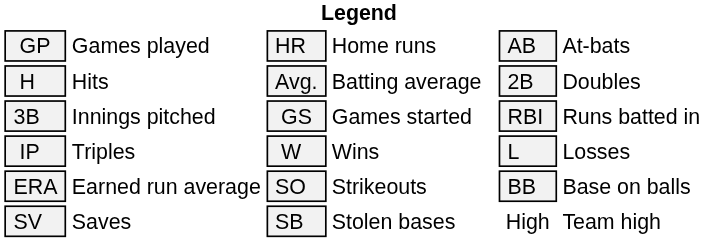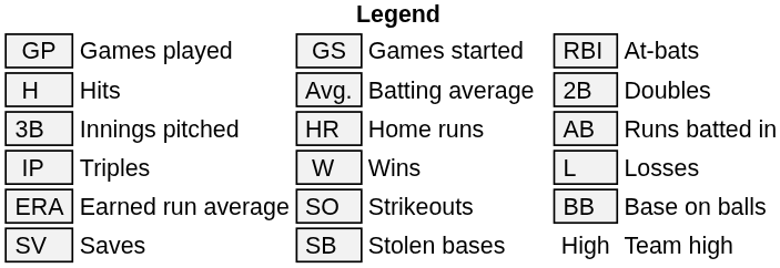 <table class="toccolours" style="font-size: 80%; white-space: nowrap;">
 <tr>
 <th colspan="15">Legend</th>
 </tr>
 <tr>
 <td style="background-color: #F2F2F2; border: 1px solid black;">  GP </td>
 <td>Games played</td>
-<td style="background-color: #F2F2F2; border: 1px solid black;"> HR </td>
-<td>Home runs</td>
-<td style="background-color: #F2F2F2; border: 1px solid black"> AB </td>
+<td style="background-color: #F2F2F2; border: 1px solid black">  GS </td>
+<td>Games started</td>
+<td style="background-color: #F2F2F2; border: 1px solid black;"> RBI </td>
 <td>At-bats</td>
 </tr>
 <tr>
 <td style="background-color: #F2F2F2; border: 1px solid black">  H </td>
 <td style="padding-right: 8px">Hits</td>
 <td style="background-color: #F2F2F2; border: 1px solid black"> Avg. </td>
 <td style="padding-right: 8px">Batting average</td>
 <td style="background-color: #F2F2F2; border: 1px solid black;"> 2B </td>
 <td style="padding-right: 8px">Doubles</td>
 </tr>
 <tr>
 <td style="background-color: #F2F2F2; border: 1px solid black;"> 3B </td>
 <td style="padding-right: 5px">Innings pitched</td>
-<td style="background-color: #F2F2F2; border: 1px solid black">  GS </td>
-<td>Games started</td>
-<td style="background-color: #F2F2F2; border: 1px solid black;"> RBI </td>
+<td style="background-color: #F2F2F2; border: 1px solid black;"> HR </td>
+<td>Home runs</td>
+<td style="background-color: #F2F2F2; border: 1px solid black"> AB </td>
 <td style="padding-right: 8px">Runs batted in</td>
 </tr>
 <tr>
 <td style="background-color: #F2F2F2; border: 1px solid black">  IP </td>
 <td style="padding-right: 8px">Triples</td>
 <td style="background-color: #F2F2F2; border: 1px solid black">  W</td>
 <td>Wins</td>
 <td style="background-color: #F2F2F2; border: 1px solid black;"> L </td>
 <td>Losses</td>
 </tr>
 <tr>
 <td style="background-color: #F2F2F2; border: 1px solid black"> ERA </td>
 <td>Earned run average</td>
 <td style="background-color: #F2F2F2; border: 1px solid black"> SO </td>
 <td>Strikeouts</td>
 <td style="background-color: #F2F2F2; border: 1px solid black;"> BB </td>
 <td style="padding-right: 8px">Base on balls</td>
 </tr>
 <tr>
 <td style="background-color: #F2F2F2; border: 1px solid black"> SV </td>
 <td>Saves</td>
 <td style="background-color: #F2F2F2; border: 1px solid black;"> SB </td>
 <td style="padding-right: 6px">Stolen bases</td>
 <td> High </td>
 <td>Team high</td>
 </tr>
 <tr>
 </tr>
 </table>
